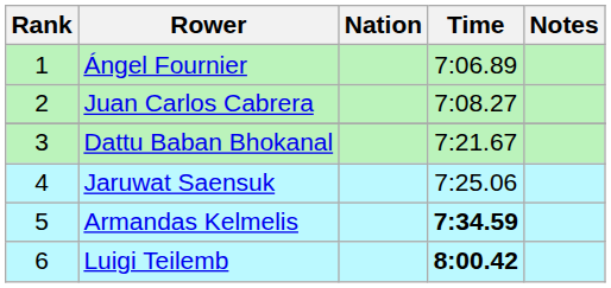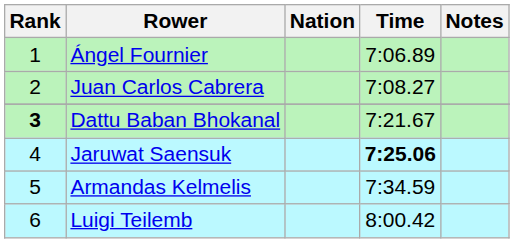 <table class="wikitable sortable" style="text-align:center">
 <tr>
 <th>Rank</th>
 <th>Rower</th>
 <th>Nation</th>
 <th>Time</th>
 <th>Notes</th>
 </tr>
 <tr bgcolor=bbf3bb>
 <td>1</td>
 <td align=left><a href='#'>Ángel Fournier</a></td>
 <td align=left></td>
 <td>7:06.89</td>
 <td></td>
 </tr>
 <tr bgcolor=bbf3bb>
 <td>2</td>
 <td align=left><a href='#'>Juan Carlos Cabrera</a></td>
 <td align=left></td>
 <td>7:08.27</td>
 <td></td>
 </tr>
 <tr>
 </tr>
 <tr bgcolor=bbf3bb>
-<td>3</td>
+<td><strong>3</strong></td>
 <td align=left><a href='#'>Dattu Baban Bhokanal</a></td>
 <td align=left></td>
 <td>7:21.67</td>
 <td></td>
 </tr>
 <tr bgcolor=bbf9ff>
 <td>4</td>
 <td align=left><a href='#'>Jaruwat Saensuk</a></td>
 <td align=left></td>
-<td>7:25.06</td>
+<td><strong>7:25.06</strong></td>
 <td></td>
 </tr>
 <tr bgcolor=bbf9ff>
 <td>5</td>
 <td align=left><a href='#'>Armandas Kelmelis</a></td>
 <td align=left></td>
-<td><strong>7:34.59</strong></td>
+<td>7:34.59</td>
 <td></td>
 </tr>
 <tr bgcolor=bbf9ff>
 <td>6</td>
 <td align=left><a href='#'>Luigi Teilemb</a></td>
 <td align=left></td>
-<td><strong>8:00.42</strong></td>
+<td>8:00.42</td>
 <td></td>
 </tr>
 </table>
